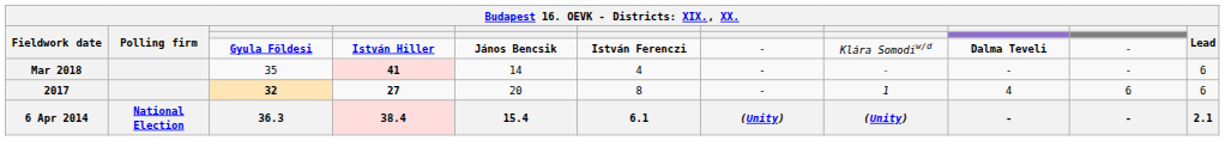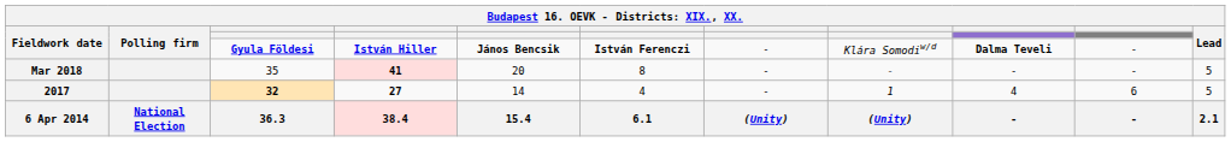 <table class="wikitable mw-collapsible mw-collapsed" style="text-align:center">
 <tr>
 <th colspan="11" style="width: 980pt;"><small><a href='#'>Budapest</a> 16. OEVK -</small> <small>Districts: <a href='#'>XIX.</a>, <a href='#'>XX.</a></small></th>
 </tr>
 <tr>
 <th rowspan="3" style="width: 80pt;"><small>Fieldwork</small> <small>date</small></th>
 <th rowspan="3" style="width: 80pt;"><strong><small>Polling</small> <small>firm</small></strong></th>
 <th style="width: 100pt;"><small></small></th>
 <th style="width: 100pt;"><small> </small></th>
 <th style="width: 100pt;"></th>
 <th style="width: 100pt;"></th>
 <th style="width: 100pt;"></th>
 <th style="width: 100pt;"></th>
 <th style="width: 100pt;"></th>
 <th style="width: 100pt;"></th>
 <th rowspan="3" style="width: 20pt;"><small>Lead</small></th>
 </tr>
 <tr>
 <th style="color:inherit;background:"></th>
 <th style="color:inherit;background:"></th>
 <th style="color:inherit;background:"></th>
 <th style="color:inherit;background:"></th>
 <th style="color:inherit;background:"></th>
 <th style="color:inherit;background:"></th>
 <th style="color:inherit;background:#8E6FCE;"></th>
 <th style="color:inherit;background:#808080;"></th>
 </tr>
 <tr>
 <td><a href='#'><small><strong>Gyula Földesi</strong></small></a></td>
 <td><a href='#'><small><strong>István Hiller</strong></small></a></td>
 <td><small><strong>János Bencsik</strong></small></td>
 <td><small><strong>István Ferenczi</strong></small></td>
 <td><small>-</small></td>
 <td><small><em>Klára Somodi<sup>w/d</sup></em></small></td>
 <td><small><strong>Dalma Teveli</strong></small></td>
 <td><small>-</small></td>
 </tr>
 <tr>
 <th><small>Mar 2018</small></th>
 <th><small></small></th>
 <td><small>35</small></td>
 <td style="background:#FFDDDD"><small><strong>41</strong></small></td>
-<td><small>14</small></td>
-<td><small>4</small></td>
+<td><small>20</small></td>
+<td><small>8</small></td>
 <td><small>-</small></td>
 <td><small><em>-</em></small></td>
 <td><small>-</small></td>
 <td><small>-</small></td>
-<td style="background:"><small>6</small></td>
+<td style="background:"><small>5</small></td>
 </tr>
 <tr>
 <th><small>2017</small></th>
 <th><small></small></th>
 <td style="background:#FFE5B4"><small><strong>32</strong></small></td>
 <td><strong><small>27</small></strong></td>
-<td><small>20</small></td>
-<td><small>8</small></td>
+<td><small>14</small></td>
+<td><small>4</small></td>
 <td><small>-</small></td>
 <td><small><em>1</em></small></td>
 <td><small>4</small></td>
 <td><small>6</small></td>
-<td style="background:"><small>6</small></td>
+<td style="background:"><small>5</small></td>
 </tr>
 <tr>
 <th><small>6 Apr 2014</small></th>
 <th><a href='#'><small>National Election</small></a></th>
 <th><small>36.3</small></th>
 <th style="background:#FFDDDD"><small>38.4</small></th>
 <th><small>15.4</small></th>
 <th><small>6.1</small></th>
 <th><small><em>(<a href='#'>Unity</a>)</em></small></th>
 <th><small><em>(<a href='#'>Unity</a>)</em></small></th>
 <th><small>-</small></th>
 <th><small>-</small></th>
 <th style="background:"><small>2.1</small></th>
 </tr>
 </table>
